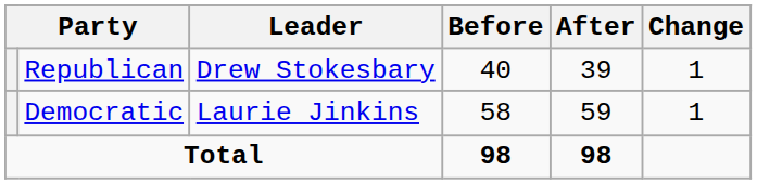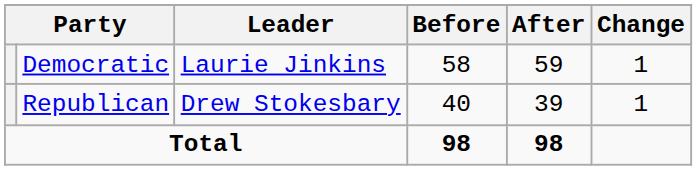 <table class="wikitable" style="text-align:center;">
 <tr>
 </tr>
 <tr>
 <th colspan="2">Party</th>
 <th>Leader</th>
 <th style="width:3em">Before</th>
 <th style="width:3em">After</th>
 <th style="width:3em">Change</th>
 </tr>
 <tr>
 <th style="background-color:"></th>
+<td style="text-align:left;"><a href='#'>Democratic</a></td>
+<td style="text-align:left;"><a href='#'>Laurie Jinkins</a></td>
+<td>58</td>
+<td>59</td>
+<td> 1</td>
+</tr>
+<tr>
+<th style="background-color:"></th>
 <td style="text-align:left;"><a href='#'>Republican</a></td>
 <td style="text-align:left;"><a href='#'>Drew Stokesbary</a></td>
 <td>40</td>
 <td>39</td>
-<td> 1</td>
-</tr>
-<tr>
-<th style="background-color:"></th>
-<td style="text-align:left;"><a href='#'>Democratic</a></td>
-<td style="text-align:left;"><a href='#'>Laurie Jinkins</a></td>
-<td>58</td>
-<td>59</td>
 <td> 1</td>
 </tr>
 <tr>
 <td colspan="3"><strong>Total</strong></td>
 <td><strong>98</strong></td>
 <td><strong>98</strong></td>
 <td></td>
 </tr>
 </table>
